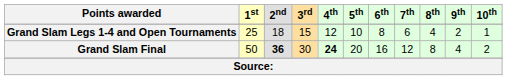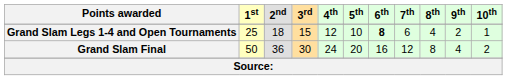 <table class="wikitable" style="font-size: 85%; text-align:center">
 <tr>
 <th>Points awarded</th>
 <th style="background-color:#ffffbf"> 1<sup>st</sup> </th>
 <th style="background-color:#dfdfdf"> 2<sup>nd</sup> </th>
 <th style="background-color:#ffdf9f"> 3<sup>rd</sup> </th>
 <th style="background-color:#dfffdf"> 4<sup>th</sup> </th>
 <th style="background-color:#dfffdf"> 5<sup>th</sup> </th>
 <th style="background-color:#dfffdf"> 6<sup>th</sup> </th>
 <th style="background-color:#dfffdf"> 7<sup>th</sup> </th>
 <th style="background-color:#dfffdf"> 8<sup>th</sup> </th>
 <th style="background-color:#dfffdf"> 9<sup>th</sup> </th>
 <th style="background-color:#dfffdf"> 10<sup>th</sup> </th>
 </tr>
 <tr>
 </tr>
 <tr>
 <th>Grand Slam Legs 1-4 and Open Tournaments</th>
 <td style="background-color:#ffffbf">25</td>
 <td style="background-color:#dfdfdf">18</td>
 <td style="background-color:#ffdf9f">15</td>
 <td style="background-color:#dfffdf">12</td>
 <td style="background-color:#dfffdf">10</td>
-<td style="background-color:#dfffdf">8</td>
+<td style="background-color:#dfffdf"><strong>8</strong></td>
 <td style="background-color:#dfffdf">6</td>
 <td style="background-color:#dfffdf">4</td>
 <td style="background-color:#dfffdf">2</td>
 <td style="background-color:#dfffdf">1</td>
 </tr>
 <tr>
 <th>Grand Slam Final</th>
 <td style="background-color:#ffffbf">50</td>
-<td style="background-color:#dfdfdf"><strong>36</strong></td>
+<td style="background-color:#dfdfdf">36</td>
 <td style="background-color:#ffdf9f">30</td>
-<td style="background-color:#dfffdf"><strong>24</strong></td>
+<td style="background-color:#dfffdf">24</td>
 <td style="background-color:#dfffdf">20</td>
 <td style="background-color:#dfffdf">16</td>
 <td style="background-color:#dfffdf">12</td>
 <td style="background-color:#dfffdf">8</td>
 <td style="background-color:#dfffdf">4</td>
 <td style="background-color:#dfffdf">2</td>
 </tr>
 <tr>
 </tr>
 <tr class="sortbottom">
 <th colspan="12">Source:</th>
 </tr>
 </table>
